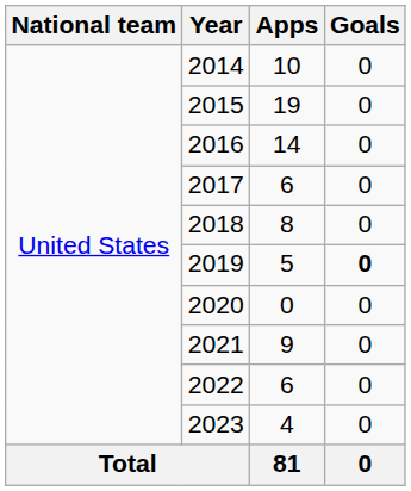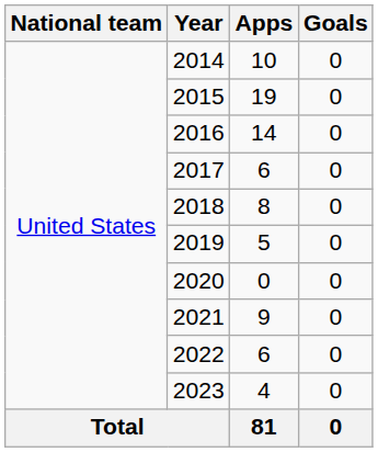 <table class="wikitable" style="text-align: center">
 <tr>
 <th>National team</th>
 <th>Year</th>
 <th>Apps</th>
 <th>Goals</th>
 </tr>
 <tr>
 <td rowspan="10"><a href='#'>United States</a></td>
 <td>2014</td>
 <td>10</td>
 <td>0</td>
 </tr>
 <tr>
 <td>2015</td>
 <td>19</td>
 <td>0</td>
 </tr>
 <tr>
 <td>2016</td>
 <td>14</td>
 <td>0</td>
 </tr>
 <tr>
 <td>2017</td>
 <td>6</td>
 <td>0</td>
 </tr>
 <tr>
 <td>2018</td>
 <td>8</td>
 <td>0</td>
 </tr>
 <tr>
 <td>2019</td>
 <td>5</td>
-<td><strong>0</strong></td>
+<td>0</td>
 </tr>
 <tr>
 <td>2020</td>
 <td>0</td>
 <td>0</td>
 </tr>
 <tr>
 <td>2021</td>
 <td>9</td>
 <td>0</td>
 </tr>
 <tr>
 <td>2022</td>
 <td>6</td>
 <td>0</td>
 </tr>
 <tr>
 <td>2023</td>
 <td>4</td>
 <td>0</td>
 </tr>
 <tr>
 <th colspan="2">Total</th>
 <th>81</th>
 <th>0</th>
 </tr>
 </table>
